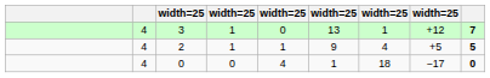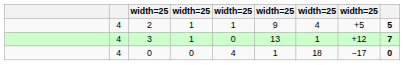 <table class="wikitable" style="text-align: center; font-size: 90%;">
 <tr>
 <th width=165></th>
 <th width=25></th>
 <th>width=25</th>
 <th>width=25</th>
 <th>width=25</th>
 <th>width=25</th>
 <th>width=25</th>
 <th>width=25</th>
 <th width=25></th>
+</tr>
+<tr>
+<td align="left"></td>
+<td>4</td>
+<td>2</td>
+<td>1</td>
+<td>1</td>
+<td>9</td>
+<td>4</td>
+<td>+5</td>
+<td><strong>5</strong></td>
 </tr>
 <tr bgcolor="#ccffcc">
 <td align="left"></td>
 <td>4</td>
 <td>3</td>
 <td>1</td>
 <td>0</td>
 <td>13</td>
 <td>1</td>
 <td>+12</td>
 <td><strong>7</strong></td>
 </tr>
 <tr>
 <td align="left"></td>
 <td>4</td>
-<td>2</td>
-<td>1</td>
-<td>1</td>
-<td>9</td>
-<td>4</td>
-<td>+5</td>
-<td><strong>5</strong></td>
-</tr>
-<tr>
-<td align="left"></td>
-<td>4</td>
 <td>0</td>
 <td>0</td>
 <td>4</td>
 <td>1</td>
 <td>18</td>
 <td>−17</td>
 <td><strong>0</strong></td>
 </tr>
 </table>
